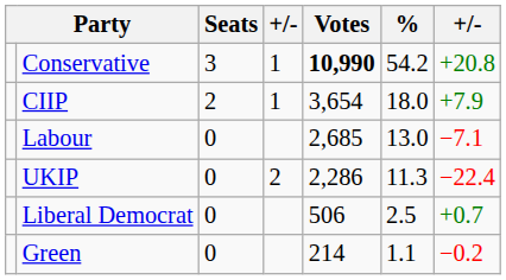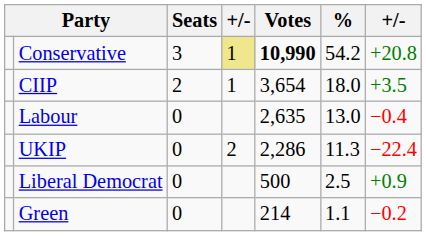 <table class="wikitable sortable">
 <tr>
 <th colspan="2">Party</th>
 <th>Seats</th>
 <th>+/-</th>
 <th>Votes</th>
 <th>%</th>
 <th>+/-</th>
 </tr>
 <tr>
 <td style="background-color: "></td>
 <td><a href='#'>Conservative</a></td>
 <td>3</td>
-<td> 1</td>
+<td style="background: khaki;"> 1</td>
 <td><strong>10,990</strong></td>
 <td>54.2</td>
 <td style="color:green">+20.8</td>
 </tr>
 <tr>
 <td style="background-color: "></td>
 <td><a href='#'>CIIP</a></td>
 <td>2</td>
 <td> 1</td>
 <td>3,654</td>
 <td>18.0</td>
-<td style="color:green">+7.9</td>
+<td style="color:green">+3.5</td>
 </tr>
 <tr>
 <td style="background-color: "></td>
 <td><a href='#'>Labour</a></td>
 <td>0</td>
 <td></td>
-<td>2,685</td>
+<td>2,635</td>
 <td>13.0</td>
-<td style="color:red">−7.1</td>
+<td style="color:red">−0.4</td>
 </tr>
 <tr>
 <td style="background-color: "></td>
 <td><a href='#'>UKIP</a></td>
 <td>0</td>
 <td> 2</td>
 <td>2,286</td>
 <td>11.3</td>
 <td style="color:red">−22.4</td>
 </tr>
 <tr>
 <td style="background-color: "></td>
 <td><a href='#'>Liberal Democrat</a></td>
 <td>0</td>
 <td></td>
-<td>506</td>
+<td>500</td>
 <td>2.5</td>
-<td style="color:green">+0.7</td>
+<td style="color:green">+0.9</td>
 </tr>
 <tr>
 <td style="background-color: "></td>
 <td><a href='#'>Green</a></td>
 <td>0</td>
 <td></td>
 <td>214</td>
 <td>1.1</td>
 <td style="color:red">−0.2</td>
 </tr>
 </table>
